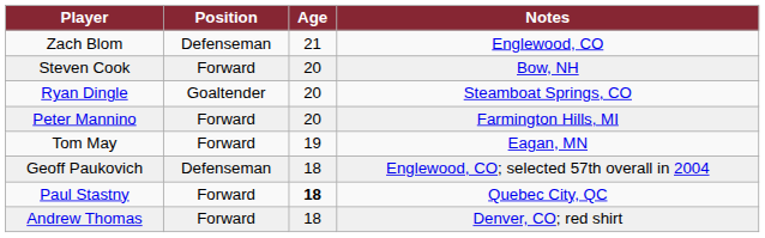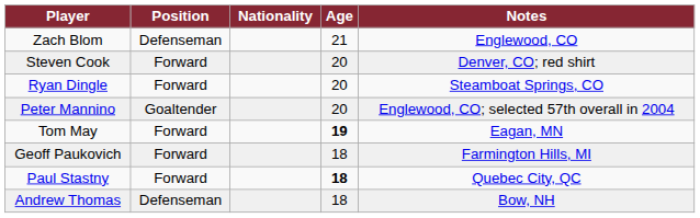 <table class="wikitable" width="60%">
 <tr>
 <th style="color:white; background:#862633; ">Player</th>
 <th style="color:white; background:#862633; ">Position</th>
+<th style="color:white; background:#862633; ">Nationality</th>
 <th style="color:white; background:#862633; ">Age</th>
 <th style="color:white; background:#862633; ">Notes</th>
 </tr>
 <tr align="center" bgcolor="">
 <td>Zach Blom</td>
 <td>Defenseman</td>
+<td></td>
 <td>21</td>
 <td><a href='#'>Englewood, CO</a></td>
 </tr>
 <tr align="center" bgcolor="f0f0f0">
 <td>Steven Cook</td>
 <td>Forward</td>
+<td></td>
 <td>20</td>
-<td><a href='#'>Bow, NH</a></td>
+<td><a href='#'>Denver, CO</a>; red shirt</td>
 </tr>
 <tr align="center" bgcolor="">
 <td><a href='#'>Ryan Dingle</a></td>
-<td>Goaltender</td>
+<td>Forward</td>
+<td></td>
 <td>20</td>
 <td><a href='#'>Steamboat Springs, CO</a></td>
 </tr>
 <tr align="center" bgcolor="f0f0f0">
 <td><a href='#'>Peter Mannino</a></td>
-<td>Forward</td>
+<td>Goaltender</td>
+<td></td>
 <td>20</td>
-<td><a href='#'>Farmington Hills, MI</a></td>
+<td><a href='#'>Englewood, CO</a>; selected 57th overall in <a href='#'>2004</a></td>
 </tr>
 <tr align="center" bgcolor="">
 <td>Tom May</td>
 <td>Forward</td>
-<td>19</td>
+<td></td>
+<td><strong>19</strong></td>
 <td><a href='#'>Eagan, MN</a></td>
 </tr>
 <tr align="center" bgcolor="f0f0f0">
 <td>Geoff Paukovich</td>
-<td>Defenseman</td>
+<td>Forward</td>
+<td></td>
 <td>18</td>
-<td><a href='#'>Englewood, CO</a>; selected 57th overall in <a href='#'>2004</a></td>
+<td><a href='#'>Farmington Hills, MI</a></td>
 </tr>
 <tr align="center" bgcolor="">
 <td><a href='#'>Paul Stastny</a></td>
 <td>Forward</td>
+<td></td>
 <td><strong>18</strong></td>
 <td><a href='#'>Quebec City, QC</a></td>
 </tr>
 <tr align="center" bgcolor="f0f0f0">
 <td><a href='#'>Andrew Thomas</a></td>
-<td>Forward</td>
+<td>Defenseman</td>
+<td></td>
 <td>18</td>
-<td><a href='#'>Denver, CO</a>; red shirt</td>
+<td><a href='#'>Bow, NH</a></td>
 </tr>
 </table>
